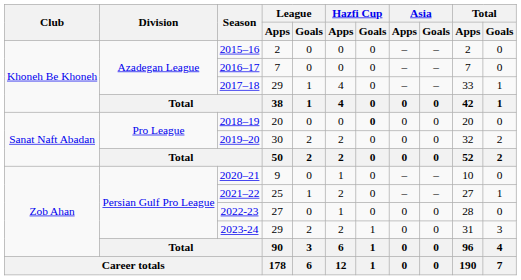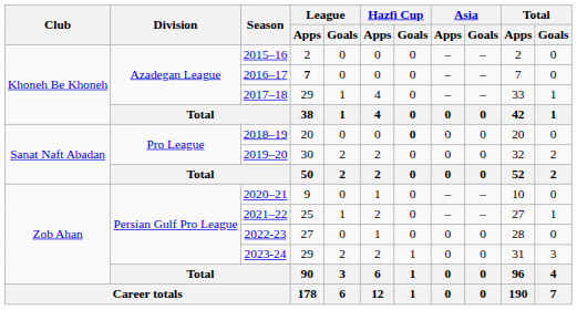 <table class="wikitable" style="text-align: center;">
 <tr>
 <th rowspan="2">Club</th>
 <th rowspan="2">Division</th>
 <th rowspan="2">Season</th>
 <th colspan="2">League</th>
 <th colspan="2"><a href='#'>Hazfi Cup</a></th>
 <th colspan="2"><a href='#'>Asia</a></th>
 <th colspan="2">Total</th>
 </tr>
 <tr>
 <th>Apps</th>
 <th>Goals</th>
 <th>Apps</th>
 <th>Goals</th>
 <th>Apps</th>
 <th>Goals</th>
 <th>Apps</th>
 <th>Goals</th>
 </tr>
 <tr>
 <td rowspan="4"><a href='#'>Khoneh Be Khoneh</a></td>
 <td rowspan="3"><a href='#'>Azadegan League</a></td>
 <td><a href='#'>2015–16</a></td>
 <td>2</td>
 <td>0</td>
 <td>0</td>
 <td>0</td>
 <td>–</td>
 <td>–</td>
 <td>2</td>
 <td>0</td>
 </tr>
 <tr>
 <td><a href='#'>2016–17</a></td>
-<td>7</td>
+<td><strong>7</strong></td>
 <td>0</td>
 <td>0</td>
 <td>0</td>
 <td>–</td>
 <td>–</td>
 <td>7</td>
 <td>0</td>
 </tr>
 <tr>
 <td><a href='#'>2017–18</a></td>
 <td>29</td>
 <td>1</td>
 <td>4</td>
 <td>0</td>
 <td>–</td>
 <td>–</td>
 <td>33</td>
 <td>1</td>
 </tr>
 <tr>
 <th colspan=2>Total</th>
 <th>38</th>
 <th>1</th>
 <th>4</th>
 <th>0</th>
 <th>0</th>
 <th>0</th>
 <th>42</th>
 <th>1</th>
 </tr>
 <tr>
 <td rowspan="3"><a href='#'>Sanat Naft Abadan</a></td>
 <td rowspan="2"><a href='#'>Pro League</a></td>
 <td><a href='#'>2018–19</a></td>
 <td>20</td>
 <td>0</td>
 <td>0</td>
 <td><strong>0</strong></td>
 <td>0</td>
 <td>0</td>
 <td>20</td>
 <td>0</td>
 </tr>
 <tr>
 <td><a href='#'>2019–20</a></td>
 <td>30</td>
 <td>2</td>
 <td>2</td>
 <td>0</td>
 <td>0</td>
 <td>0</td>
 <td>32</td>
 <td>2</td>
 </tr>
 <tr>
 <th colspan=2>Total</th>
 <th>50</th>
 <th>2</th>
 <th>2</th>
 <th>0</th>
 <th>0</th>
 <th>0</th>
 <th>52</th>
 <th>2</th>
 </tr>
 <tr>
 <td rowspan="5"><a href='#'>Zob Ahan</a></td>
 <td rowspan="4"><a href='#'>Persian Gulf Pro League</a></td>
 <td><a href='#'>2020–21</a></td>
 <td>9</td>
 <td>0</td>
 <td>1</td>
 <td>0</td>
 <td>–</td>
 <td>–</td>
 <td>10</td>
 <td>0</td>
 </tr>
 <tr>
 <td><a href='#'>2021–22</a></td>
 <td>25</td>
 <td>1</td>
 <td>2</td>
 <td>0</td>
 <td>–</td>
 <td>–</td>
 <td>27</td>
 <td>1</td>
 </tr>
 <tr>
 <td><a href='#'>2022-23</a></td>
 <td>27</td>
 <td>0</td>
 <td>1</td>
 <td>0</td>
 <td>0</td>
 <td>0</td>
 <td>28</td>
 <td>0</td>
 </tr>
 <tr>
 <td><a href='#'>2023-24</a></td>
 <td>29</td>
 <td>2</td>
 <td>2</td>
 <td>1</td>
 <td>0</td>
 <td>0</td>
 <td>31</td>
 <td>3</td>
 </tr>
 <tr>
 <th colspan=2>Total</th>
 <th>90</th>
 <th>3</th>
 <th>6</th>
 <th>1</th>
 <th>0</th>
 <th>0</th>
 <th>96</th>
 <th>4</th>
 </tr>
 <tr>
 <th colspan=3>Career totals</th>
 <th>178</th>
 <th>6</th>
 <th>12</th>
 <th>1</th>
 <th>0</th>
 <th>0</th>
 <th>190</th>
 <th>7</th>
 </tr>
 </table>
